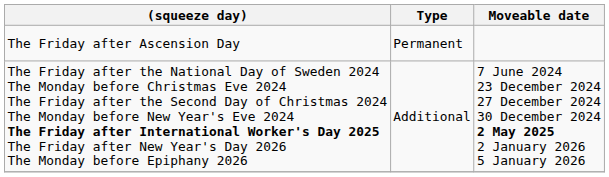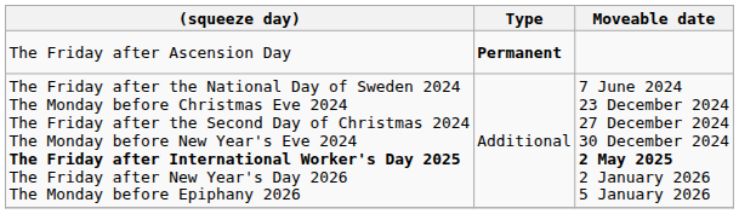 <table class="wikitable">
 <tr>
 <th> (squeeze day)</th>
 <th>Type</th>
 <th>Moveable date</th>
 </tr>
 <tr>
 <td>The Friday after Ascension Day</td>
-<td>Permanent</td>
+<td><strong>Permanent</strong></td>
 <td> <br><strong></strong><br></td>
 </tr>
 <tr>
 <td>The Friday after the National Day of Sweden 2024<br>The Monday before Christmas Eve 2024<br>The Friday after the Second Day of Christmas 2024<br>The Monday before New Year's Eve 2024<br><strong>The Friday after International Worker's Day 2025</strong><br>The Friday after New Year's Day 2026<br>The Monday before Epiphany 2026<br></td>
 <td>Additional</td>
 <td>7 June 2024<br>23 December 2024<br>27 December 2024<br>30 December 2024<br><strong>2 May 2025</strong><br>2 January 2026<br>5 January 2026</td>
 </tr>
 <tr>
 </tr>
 </table>
